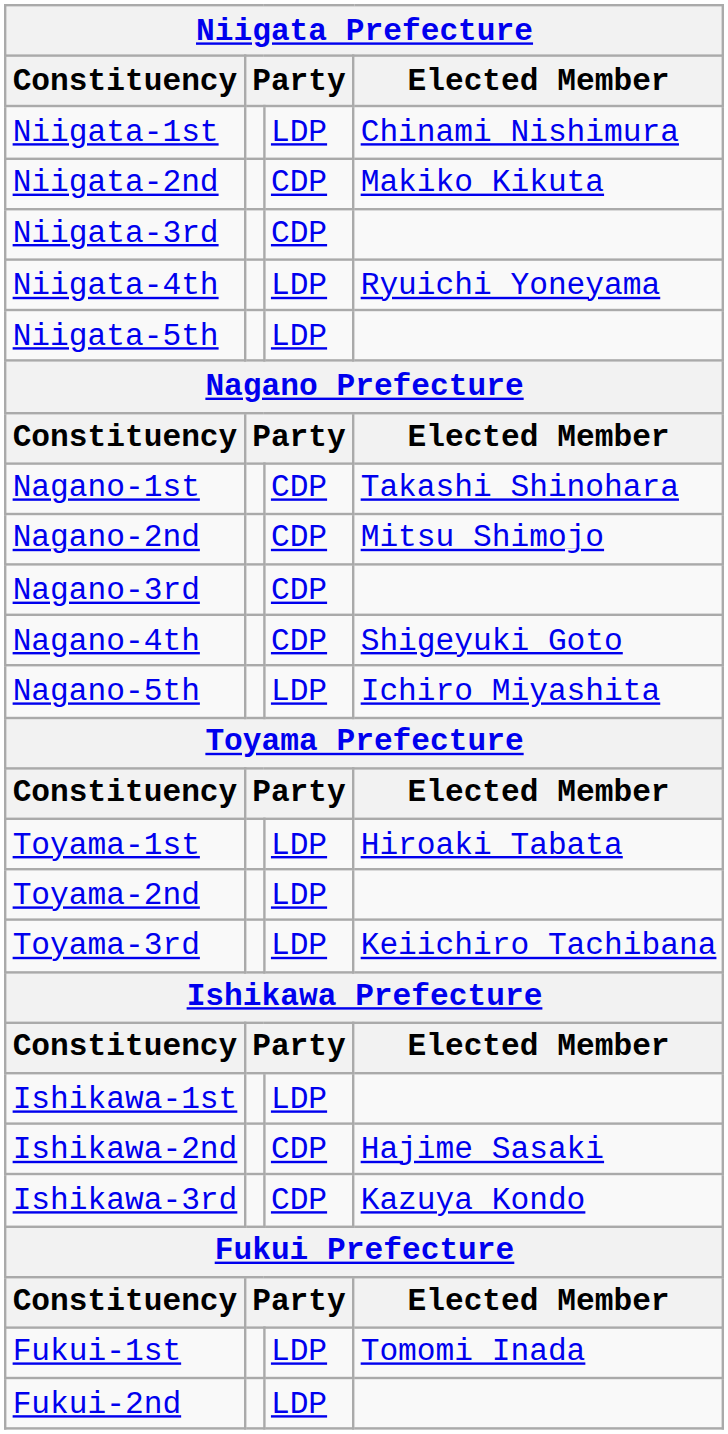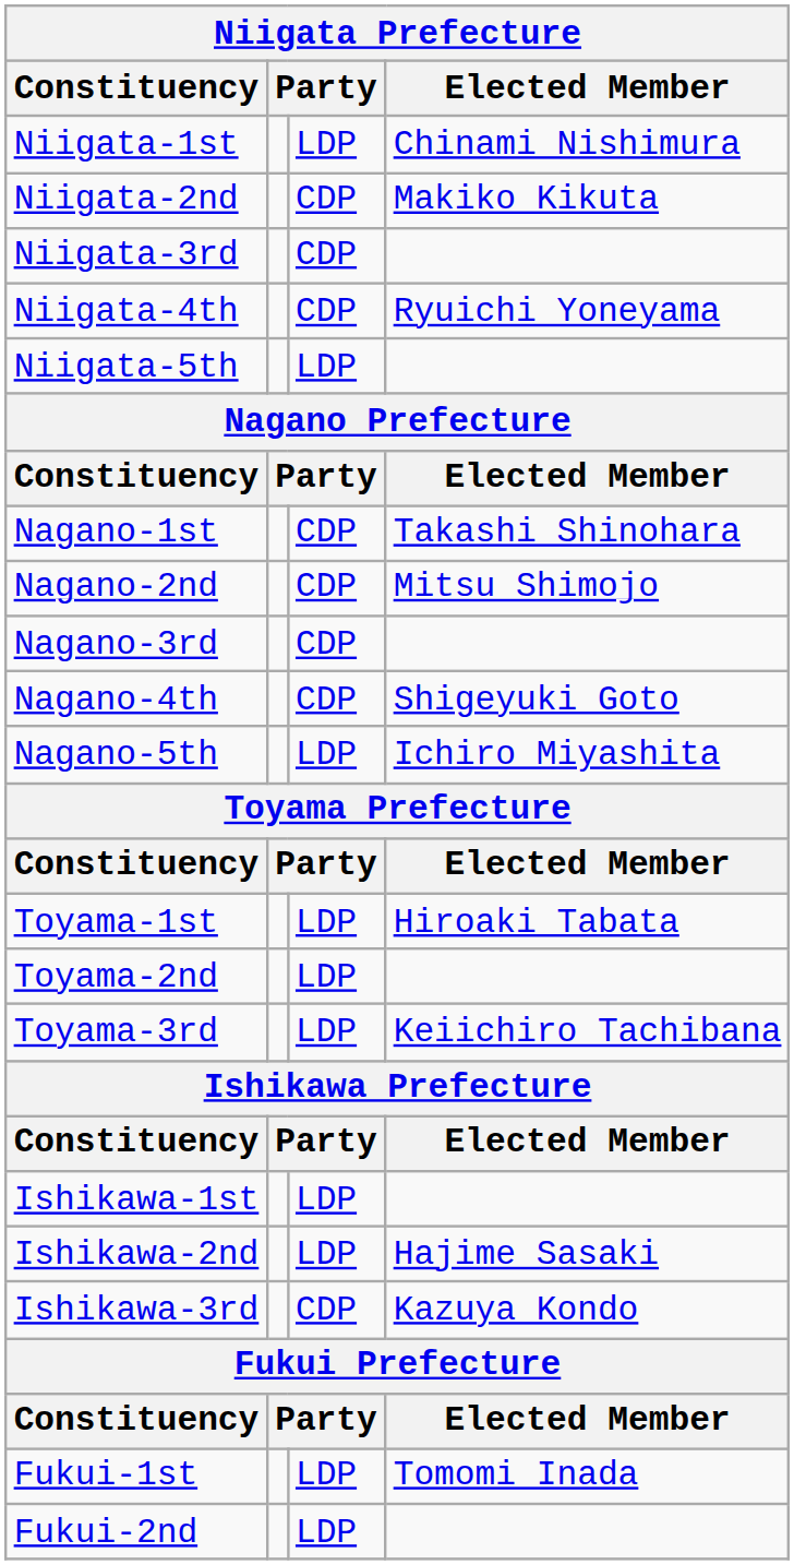 <table class="wikitable">
 <tr>
 <th colspan=4><a href='#'>Niigata Prefecture</a></th>
 </tr>
 <tr>
 <th>Constituency</th>
 <th colspan=2>Party</th>
 <th>Elected Member</th>
 </tr>
 <tr>
 <td><a href='#'>Niigata-1st</a></td>
 <td style="background:"></td>
 <td><a href='#'>LDP</a></td>
 <td><a href='#'>Chinami Nishimura</a></td>
 </tr>
 <tr>
 <td><a href='#'>Niigata-2nd</a></td>
 <td style="background:"></td>
 <td><a href='#'>CDP</a></td>
 <td><a href='#'>Makiko Kikuta</a></td>
 </tr>
 <tr>
 <td><a href='#'>Niigata-3rd</a></td>
 <td style="background:"></td>
 <td><a href='#'>CDP</a></td>
 <td></td>
 </tr>
 <tr>
 <td><a href='#'>Niigata-4th</a></td>
 <td style="background:"></td>
-<td><a href='#'>LDP</a></td>
+<td><a href='#'>CDP</a></td>
 <td><a href='#'>Ryuichi Yoneyama</a></td>
 </tr>
 <tr>
 <td><a href='#'>Niigata-5th</a></td>
 <td style="background:"></td>
 <td><a href='#'>LDP</a></td>
 <td></td>
 </tr>
 <tr>
 <th colspan=4><a href='#'>Nagano Prefecture</a></th>
 </tr>
 <tr>
 <th>Constituency</th>
 <th colspan=2>Party</th>
 <th>Elected Member</th>
 </tr>
 <tr>
 <td><a href='#'>Nagano-1st</a></td>
 <td style="background:"></td>
 <td><a href='#'>CDP</a></td>
 <td><a href='#'>Takashi Shinohara</a></td>
 </tr>
 <tr>
 <td><a href='#'>Nagano-2nd</a></td>
 <td style="background:"></td>
 <td><a href='#'>CDP</a></td>
 <td><a href='#'>Mitsu Shimojo</a></td>
 </tr>
 <tr>
 <td><a href='#'>Nagano-3rd</a></td>
 <td style="background:"></td>
 <td><a href='#'>CDP</a></td>
 <td></td>
 </tr>
 <tr>
 <td><a href='#'>Nagano-4th</a></td>
 <td style="background:"></td>
 <td><a href='#'>CDP</a></td>
 <td><a href='#'>Shigeyuki Goto</a></td>
 </tr>
 <tr>
 <td><a href='#'>Nagano-5th</a></td>
 <td style="background:"></td>
 <td><a href='#'>LDP</a></td>
 <td><a href='#'>Ichiro Miyashita</a></td>
 </tr>
 <tr>
 <th colspan=4><a href='#'>Toyama Prefecture</a></th>
 </tr>
 <tr>
 <th>Constituency</th>
 <th colspan=2>Party</th>
 <th>Elected Member</th>
 </tr>
 <tr>
 <td><a href='#'>Toyama-1st</a></td>
 <td style="background:"></td>
 <td><a href='#'>LDP</a></td>
 <td><a href='#'>Hiroaki Tabata</a></td>
 </tr>
 <tr>
 <td><a href='#'>Toyama-2nd</a></td>
 <td style="background:"></td>
 <td><a href='#'>LDP</a></td>
 <td></td>
 </tr>
 <tr>
 <td><a href='#'>Toyama-3rd</a></td>
 <td style="background:"></td>
 <td><a href='#'>LDP</a></td>
 <td><a href='#'>Keiichiro Tachibana</a></td>
 </tr>
 <tr>
 <th colspan=4><a href='#'>Ishikawa Prefecture</a></th>
 </tr>
 <tr>
 <th>Constituency</th>
 <th colspan=2>Party</th>
 <th>Elected Member</th>
 </tr>
 <tr>
 <td><a href='#'>Ishikawa-1st</a></td>
 <td style="background:"></td>
 <td><a href='#'>LDP</a></td>
 <td></td>
 </tr>
 <tr>
 <td><a href='#'>Ishikawa-2nd</a></td>
 <td style="background:"></td>
-<td><a href='#'>CDP</a></td>
+<td><a href='#'>LDP</a></td>
 <td><a href='#'>Hajime Sasaki</a></td>
 </tr>
 <tr>
 <td><a href='#'>Ishikawa-3rd</a></td>
 <td style="background:"></td>
 <td><a href='#'>CDP</a></td>
 <td><a href='#'>Kazuya Kondo</a></td>
 </tr>
 <tr>
 <th colspan=4><a href='#'>Fukui Prefecture</a></th>
 </tr>
 <tr>
 <th>Constituency</th>
 <th colspan=2>Party</th>
 <th>Elected Member</th>
 </tr>
 <tr>
 <td><a href='#'>Fukui-1st</a></td>
 <td style="background:"></td>
 <td><a href='#'>LDP</a></td>
 <td><a href='#'>Tomomi Inada</a></td>
 </tr>
 <tr>
 <td><a href='#'>Fukui-2nd</a></td>
 <td style="background:"></td>
 <td><a href='#'>LDP</a></td>
 <td></td>
 </tr>
 </table>
